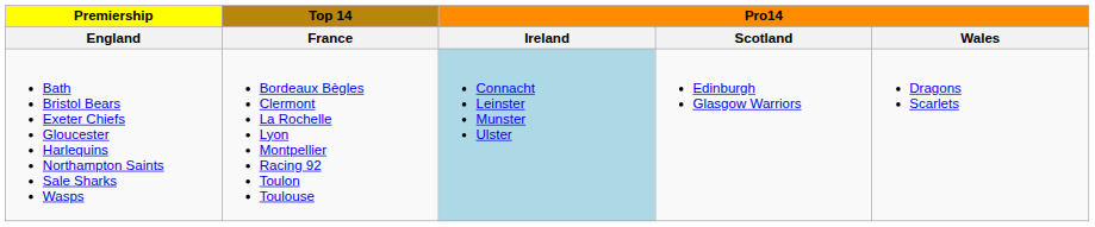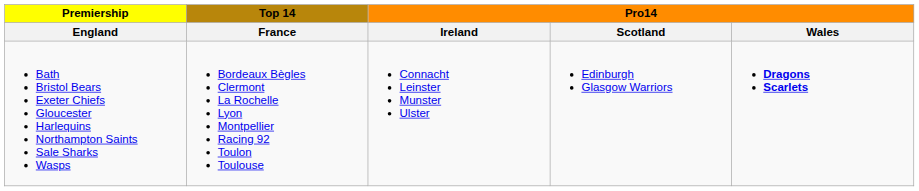 <table class="wikitable" style="width:100%;">
 <tr>
 <th style="background: #ffff00;">Premiership</th>
 <th style="background: #b8860b;">Top 14</th>
 <th colspan="4" style="background: #ff8c00;">Pro14</th>
 </tr>
 <tr>
 <th width=19%> England</th>
 <th width=19%> France</th>
 <th width=19%> Ireland</th>
 <th width=19%> Scotland</th>
 <th width=19%> Wales</th>
 </tr>
 <tr valign=top>
 <td><br><ul><li><a href='#'>Bath</a></li><li><a href='#'>Bristol Bears</a></li><li><a href='#'>Exeter Chiefs</a></li><li><a href='#'>Gloucester</a></li><li><a href='#'>Harlequins</a></li><li><a href='#'>Northampton Saints</a></li><li><a href='#'>Sale Sharks</a></li><li><a href='#'>Wasps</a></li></ul></td>
 <td><br><ul><li><a href='#'>Bordeaux Bègles</a></li><li><a href='#'>Clermont</a></li><li><a href='#'>La Rochelle</a></li><li><a href='#'>Lyon</a></li><li><a href='#'>Montpellier</a></li><li><a href='#'>Racing 92</a></li><li><a href='#'>Toulon</a></li><li><a href='#'>Toulouse</a></li></ul></td>
-<td style="background: lightblue;"><br><ul><li><a href='#'>Connacht</a></li><li><a href='#'>Leinster</a></li><li><a href='#'>Munster</a></li><li><a href='#'>Ulster</a></li></ul></td>
+<td><br><ul><li><a href='#'>Connacht</a></li><li><a href='#'>Leinster</a></li><li><a href='#'>Munster</a></li><li><a href='#'>Ulster</a></li></ul></td>
 <td><br><ul><li><a href='#'>Edinburgh</a></li><li><a href='#'>Glasgow Warriors</a></li></ul></td>
-<td><br><ul><li><a href='#'>Dragons</a></li><li><a href='#'>Scarlets</a></li></ul></td>
+<td><strong><br><ul><li><a href='#'>Dragons</a></li><li><a href='#'>Scarlets</a></li></ul></strong></td>
 </tr>
 </table>
